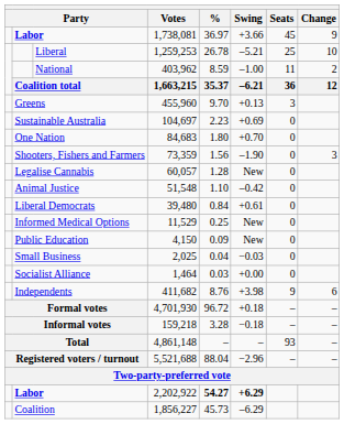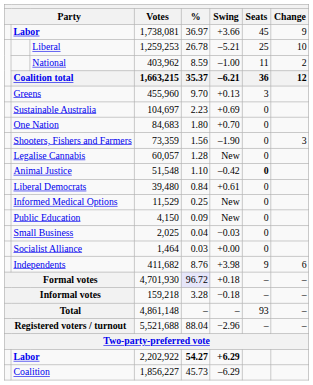 <table class="wikitable" style="text-align:right; margin-bottom:0">
 <tr>
 <th colspan=8 align=center></th>
 </tr>
 <tr>
 <th colspan="3">Party</th>
 <th>Votes</th>
 <th>%</th>
 <th>Swing</th>
 <th>Seats</th>
 <th>Change</th>
 </tr>
 <tr>
 <td> </td>
 <td style="text-align:left;" colspan="2"><strong><a href='#'>Labor</a></strong></td>
 <td style="width:70px;">1,738,081</td>
 <td style="width:40px;">36.97</td>
 <td style="width:45px;">+3.66</td>
 <td style="width:40px;">45</td>
 <td style="width:55px;"> 9</td>
 </tr>
 <tr>
 <td rowspan="3"> </td>
 <td> </td>
 <td align=left><a href='#'>Liberal</a></td>
 <td>1,259,253</td>
 <td>26.78</td>
 <td>–5.21</td>
 <td>25</td>
 <td> 10</td>
 </tr>
 <tr>
 <td> </td>
 <td align=left><a href='#'>National</a></td>
 <td>403,962</td>
 <td>8.59</td>
 <td>–1.00</td>
 <td>11</td>
 <td> 2</td>
 </tr>
 <tr>
 <th colspan="2" style="text-align:left;"><a href='#'>Coalition total</a></th>
 <th style="text-align:right;">1,663,215</th>
 <th style="text-align:right;">35.37</th>
 <th style="text-align:right;">–6.21</th>
 <th style="text-align:right;">36</th>
 <th style=text-align:right;> 12</th>
 </tr>
 <tr>
 <td> </td>
 <td style="text-align:left;" colspan="2"><a href='#'>Greens</a></td>
 <td>455,960</td>
 <td>9.70</td>
 <td>+0.13</td>
 <td>3</td>
 <td></td>
 </tr>
 <tr>
 <td> </td>
 <td style="text-align:left;" colspan="2"><a href='#'>Sustainable Australia</a></td>
 <td>104,697</td>
 <td>2.23</td>
 <td>+0.69</td>
 <td>0</td>
 <td></td>
 </tr>
 <tr>
 <td> </td>
 <td style="text-align:left;" colspan="2"><a href='#'>One Nation</a></td>
 <td>84,683</td>
 <td>1.80</td>
 <td>+0.70</td>
 <td>0</td>
 <td></td>
 </tr>
 <tr>
 <td> </td>
 <td style="text-align:left;" colspan="2"><a href='#'>Shooters, Fishers and Farmers</a></td>
 <td>73,359</td>
 <td>1.56</td>
 <td>–1.90</td>
 <td>0</td>
 <td> 3</td>
 </tr>
 <tr>
 <td> </td>
 <td style="text-align:left;" colspan="2"><a href='#'>Legalise Cannabis</a></td>
 <td>60,057</td>
 <td>1.28</td>
 <td>New</td>
 <td>0</td>
 <td></td>
 </tr>
 <tr>
 <td> </td>
 <td style="text-align:left;" colspan="2"><a href='#'>Animal Justice</a></td>
 <td>51,548</td>
 <td>1.10</td>
 <td>–0.42</td>
-<td>0</td>
+<td><strong>0</strong></td>
 <td></td>
 </tr>
 <tr>
 <td> </td>
 <td style="text-align:left;" colspan="2"><a href='#'>Liberal Democrats</a></td>
 <td>39,480</td>
 <td>0.84</td>
 <td>+0.61</td>
 <td>0</td>
 <td></td>
 </tr>
 <tr>
 <td> </td>
 <td style="text-align:left;" colspan="2"><a href='#'>Informed Medical Options</a></td>
 <td>11,529</td>
 <td>0.25</td>
 <td>New</td>
 <td>0</td>
 <td></td>
 </tr>
 <tr>
 <td> </td>
 <td style="text-align:left;" colspan="2"><a href='#'>Public Education</a></td>
 <td>4,150</td>
 <td>0.09</td>
 <td>New</td>
 <td>0</td>
 <td></td>
 </tr>
 <tr>
 <td> </td>
 <td style="text-align:left;" colspan="2"><a href='#'>Small Business</a></td>
 <td>2,025</td>
 <td>0.04</td>
 <td>−0.03</td>
 <td>0</td>
 <td></td>
 </tr>
 <tr>
 <td> </td>
 <td style="text-align:left;" colspan="2"><a href='#'>Socialist Alliance</a></td>
 <td>1,464</td>
 <td>0.03</td>
 <td>+0.00</td>
 <td>0</td>
 <td></td>
 </tr>
 <tr>
 <td> </td>
 <td style="text-align:left;" colspan="2"><a href='#'>Independents</a></td>
 <td>411,682</td>
 <td>8.76</td>
 <td>+3.98</td>
 <td>9</td>
 <td> 6</td>
 </tr>
 <tr>
 <th colspan="3"> Formal votes</th>
 <td>4,701,930</td>
-<td>96.72</td>
+<td style="background: lavender;">96.72</td>
 <td>+0.18</td>
 <td>–</td>
 <td>–</td>
 </tr>
 <tr>
 <th colspan="3"> Informal votes</th>
 <td>159,218</td>
 <td>3.28</td>
 <td>−0.18</td>
 <td>–</td>
 <td>–</td>
 </tr>
 <tr>
 <th colspan="3"> Total</th>
 <td>4,861,148</td>
 <td>–</td>
 <td>–</td>
 <td>93</td>
 <td>–</td>
 </tr>
 <tr>
 <th colspan="3"> Registered voters / turnout</th>
 <td>5,521,688</td>
 <td>88.04</td>
 <td>−2.96</td>
 <td>–</td>
 <td>–</td>
 </tr>
 <tr>
 <th colspan="8"><a href='#'>Two-party-preferred vote</a></th>
 </tr>
 <tr>
 <td></td>
 <td style="text-align:left;" colspan="2"><strong><a href='#'>Labor</a></strong></td>
 <td>2,202,922</td>
 <td><strong>54.27</strong></td>
 <td><strong>+6.29</strong></td>
 <td></td>
 <td></td>
 </tr>
 <tr>
 <td></td>
 <td style="text-align:left;" colspan="2"><a href='#'>Coalition</a></td>
 <td>1,856,227</td>
 <td>45.73</td>
 <td>–6.29</td>
 <td></td>
 <td></td>
 </tr>
 </table>
